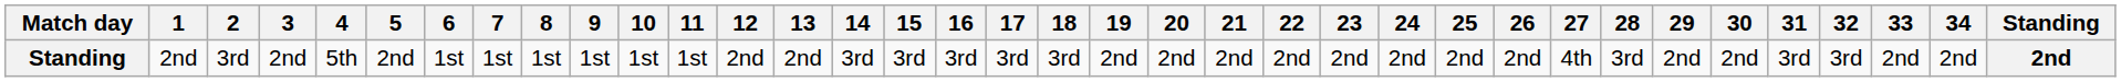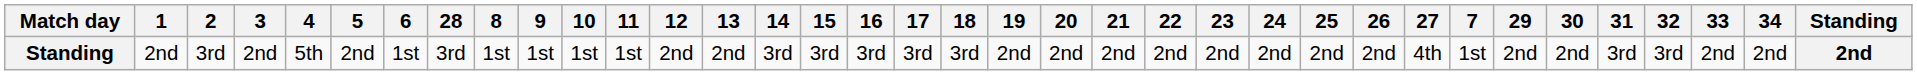 <table class="wikitable" style="width:100%; font-size:85%;">
 <tr valign=top>
 <th align=center>Match day</th>
 <th align=center>1</th>
 <th align=center>2</th>
 <th align=center>3</th>
 <th align=center>4</th>
 <th align=center>5</th>
 <th align=center>6</th>
-<th align=center>7</th>
+<th align=center>28</th>
 <th align=center>8</th>
 <th align=center>9</th>
 <th align=center>10</th>
 <th align=center>11</th>
 <th align=center>12</th>
 <th align=center>13</th>
 <th align=center>14</th>
 <th align=center>15</th>
 <th align=center>16</th>
 <th align=center>17</th>
 <th align=center>18</th>
 <th align=center>19</th>
 <th align=center>20</th>
 <th align=center>21</th>
 <th align=center>22</th>
 <th align=center>23</th>
 <th align=center>24</th>
 <th align=center>25</th>
 <th align=center>26</th>
 <th align=center>27</th>
-<th align=center>28</th>
+<th align=center>7</th>
 <th align=center>29</th>
 <th align=center>30</th>
 <th align=center>31</th>
 <th align=center>32</th>
 <th align=center>33</th>
 <th align=center>34</th>
 <th align=center><strong>Standing</strong></th>
 </tr>
 <tr>
 <th align=center>Standing</th>
 <td align=center>2nd</td>
 <td align=center>3rd</td>
 <td align=center>2nd</td>
 <td align=center>5th</td>
 <td align=center>2nd</td>
 <td align=center>1st</td>
-<td align=center>1st</td>
+<td align=center>3rd</td>
 <td align=center>1st</td>
 <td align=center>1st</td>
 <td align=center>1st</td>
 <td align=center>1st</td>
 <td align=center>2nd</td>
 <td align=center>2nd</td>
 <td align=center>3rd</td>
 <td align=center>3rd</td>
 <td align=center>3rd</td>
 <td align=center>3rd</td>
 <td align=center>3rd</td>
 <td align=center>2nd</td>
 <td align=center>2nd</td>
 <td align=center>2nd</td>
 <td align=center>2nd</td>
 <td align=center>2nd</td>
 <td align=center>2nd</td>
 <td align=center>2nd</td>
 <td align=center>2nd</td>
 <td align=center>4th</td>
-<td align=center>3rd</td>
+<td align=center>1st</td>
 <td align=center>2nd</td>
 <td align=center>2nd</td>
 <td align=center>3rd</td>
 <td align=center>3rd</td>
 <td align=center>2nd</td>
 <td align=center>2nd</td>
 <th align=center><strong>2nd</strong></th>
 </tr>
 </table>
